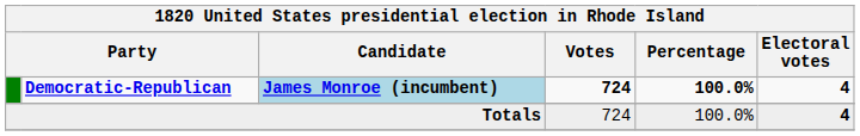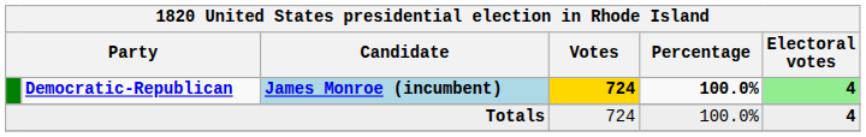 <table class="wikitable" style="font-size: 95%;">
 <tr>
 <th colspan="6">1820 United States presidential election in Rhode Island</th>
 </tr>
 <tr>
 <th colspan="2" style="width: 15em">Party</th>
 <th style="width: 17em">Candidate</th>
 <th style="width: 5em">Votes</th>
 <th style="width: 7em">Percentage</th>
 <th style="width: 5em">Electoral votes</th>
 </tr>
 <tr>
 <th style="background-color:#008000; width: 3px"></th>
 <td style="width: 130px"><strong><a href='#'>Democratic-Republican</a></strong></td>
 <td style="background: lightblue;"><strong><a href='#'>James Monroe</a> (incumbent)</strong></td>
-<td align="right"><strong>724</strong></td>
+<td align="right" style="background: gold;"><strong>724</strong></td>
 <td align="right"><strong>100.0%</strong></td>
-<td align="right"><strong>4</strong></td>
+<td align="right" style="background: lightgreen;"><strong>4</strong></td>
 </tr>
 <tr>
 </tr>
 <tr bgcolor="#EEEEEE">
 <td colspan="3" align="right"><strong>Totals</strong></td>
 <td align="right">724</td>
 <td align="right">100.0%</td>
 <td align="right"><strong>4</strong></td>
 </tr>
 <tr>
 </tr>
 </table>
